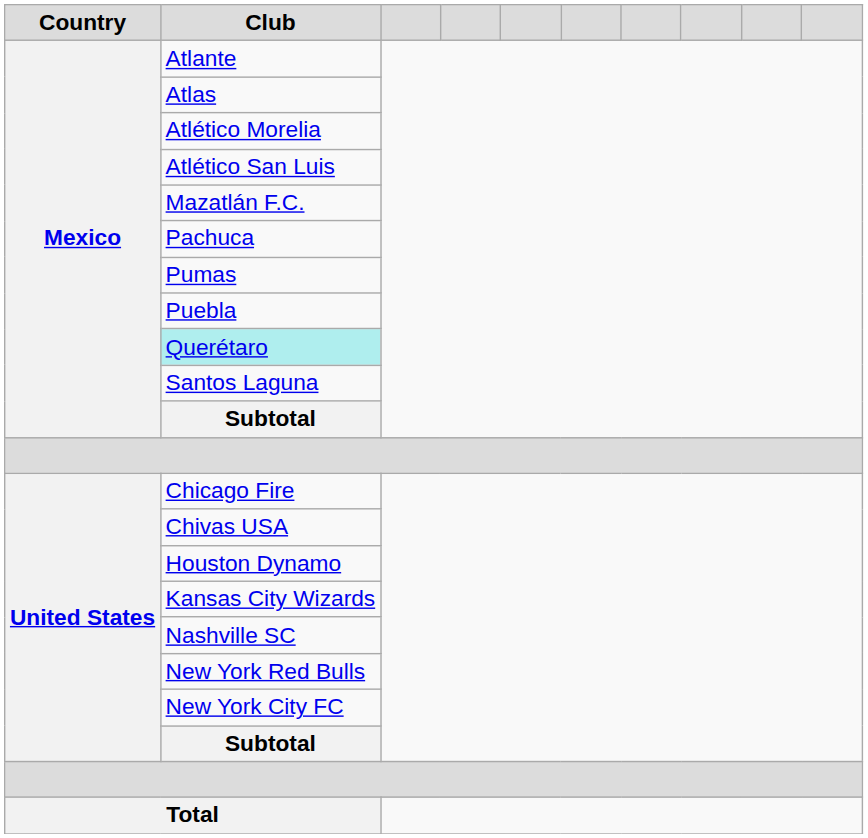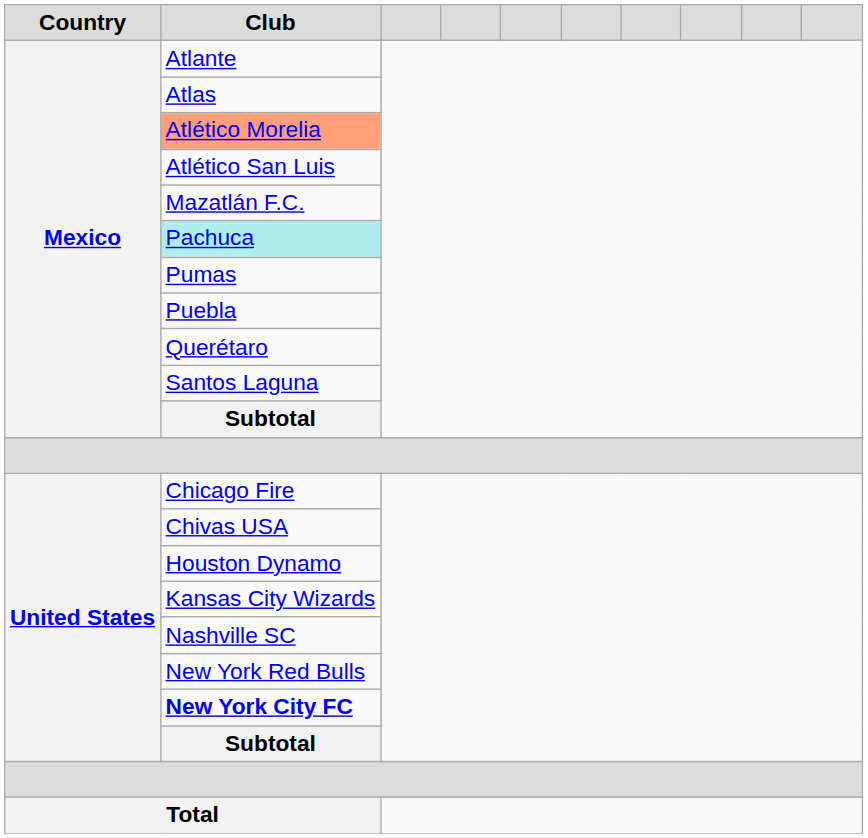 <table class="wikitable" style="text-align: center;">
 <tr>
 <th scope=col style="background:#DCDCDC">Country</th>
 <th scope=col style="background:#DCDCDC">Club</th>
 <th scope=col width="35" style="background:#DCDCDC"></th>
 <th scope=col width="35" style="background:#DCDCDC"></th>
 <th scope=col width="35" style="background:#DCDCDC"></th>
 <th scope=col width="35" style="background:#DCDCDC"></th>
 <th scope=col width="35" style="background:#DCDCDC"></th>
 <th scope=col width="35" style="background:#DCDCDC"></th>
 <th scope=col width="35" style="background:#DCDCDC"></th>
 <th scope=col width="35" style="background:#DCDCDC"></th>
 </tr>
 <tr>
 <th scope=row rowspan=11 align=left> <a href='#'>Mexico</a></th>
 <td align=left><a href='#'>Atlante</a><br></td>
 </tr>
 <tr>
 <td align=left><a href='#'>Atlas</a><br></td>
 </tr>
 <tr>
-<td align=left><a href='#'>Atlético Morelia</a><br></td>
+<td align=left style="background: lightsalmon;"><a href='#'>Atlético Morelia</a><br></td>
 </tr>
 <tr>
 <td align=left><a href='#'>Atlético San Luis</a><br></td>
 </tr>
 <tr>
 <td align=left><a href='#'>Mazatlán F.C.</a><br></td>
 </tr>
 <tr>
-<td align=left><a href='#'>Pachuca</a><br></td>
+<td align=left style="background: paleturquoise;"><a href='#'>Pachuca</a><br></td>
 </tr>
 <tr>
 <td align=left><a href='#'>Pumas</a><br></td>
 </tr>
 <tr>
 <td align=left><a href='#'>Puebla</a><br></td>
 </tr>
 <tr>
-<td align=left style="background: paleturquoise;"><a href='#'>Querétaro</a><br></td>
+<td align=left><a href='#'>Querétaro</a><br></td>
 </tr>
 <tr>
 <td align=left><a href='#'>Santos Laguna</a><br></td>
 </tr>
 <tr>
 <th>Subtotal<br></th>
 </tr>
 <tr>
 <th colspan=10 height="18" style="background:#DCDCDC"></th>
 </tr>
 <tr>
 <th scope=row rowspan=8 align=left> <a href='#'>United States</a></th>
 <td align=left><a href='#'>Chicago Fire</a><br></td>
 </tr>
 <tr>
 <td align=left><a href='#'>Chivas USA</a><br></td>
 </tr>
 <tr>
 <td align=left><a href='#'>Houston Dynamo</a><br></td>
 </tr>
 <tr>
 <td align=left><a href='#'>Kansas City Wizards</a><br></td>
 </tr>
 <tr>
 <td align=left><a href='#'>Nashville SC</a><br></td>
 </tr>
 <tr>
 <td align=left><a href='#'>New York Red Bulls</a><br></td>
 </tr>
 <tr>
-<td align=left><a href='#'>New York City FC</a><br></td>
+<td align=left><strong><a href='#'>New York City FC</a><br></strong></td>
 </tr>
 <tr>
 <th>Subtotal<br></th>
 </tr>
 <tr>
 <th colspan=10 height="18" style="background:#DCDCDC"></th>
 </tr>
 <tr>
 <th scope=row  colspan=2 align-"center"><strong>Total</strong><br></th>
 </tr>
 </table>
